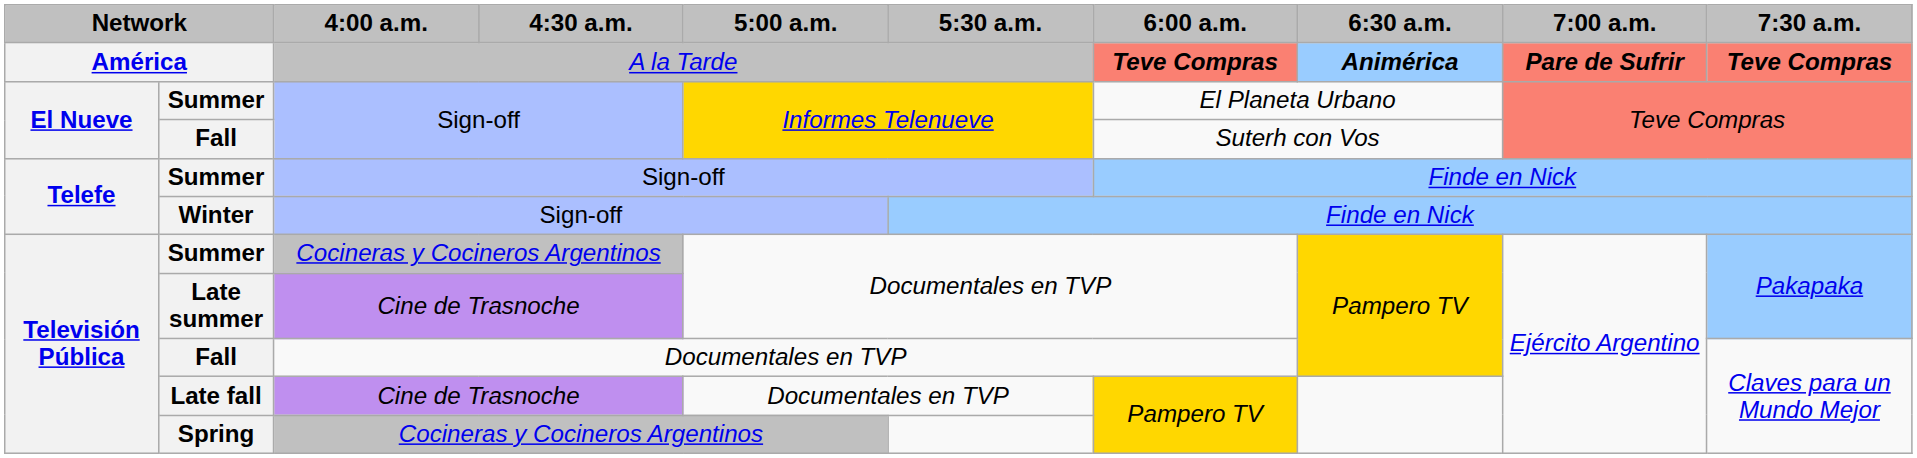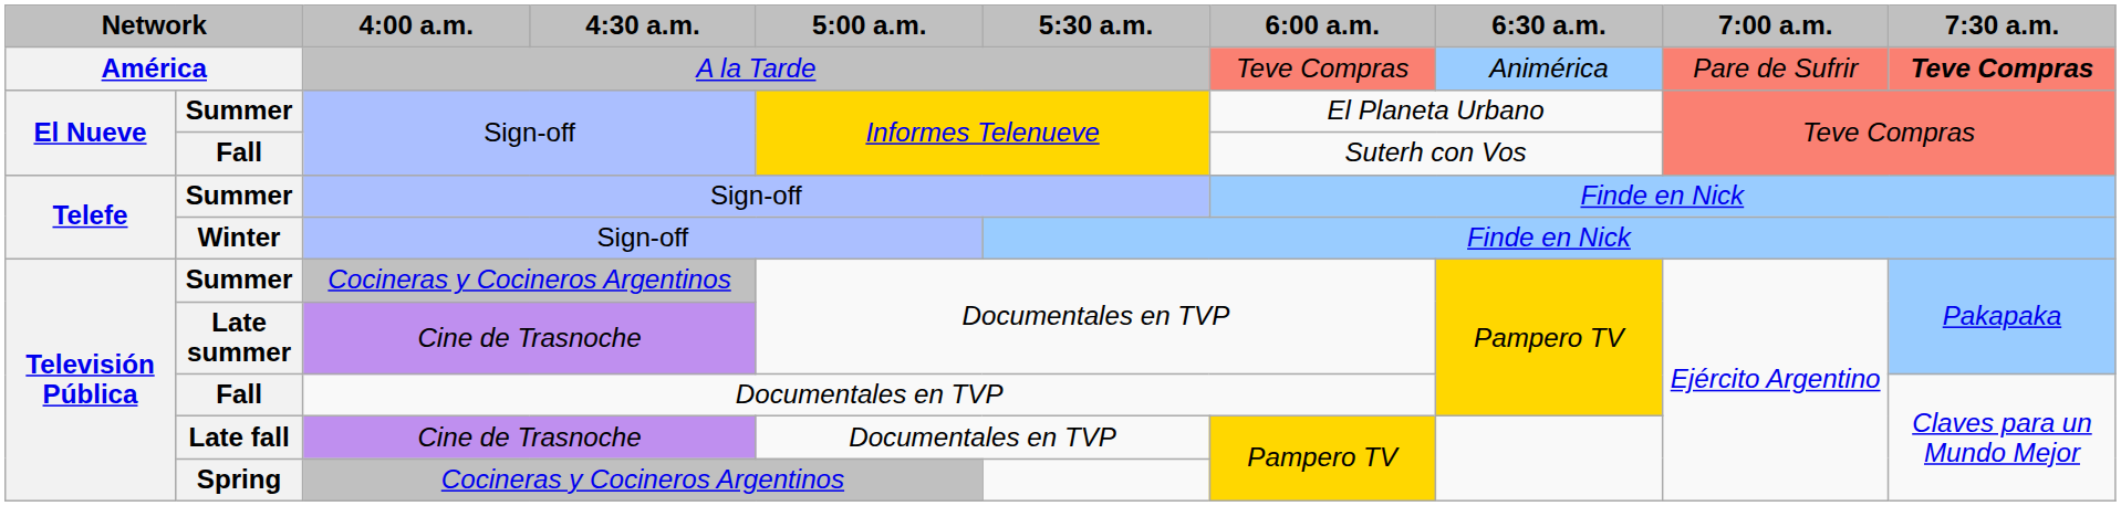 <table class="wikitable" style="width:100%;margin-right:0;text-align:center">
 <tr>
 <th colspan="2" style="background-color:#C0C0C0;width:13%;">Network</th>
 <th style="background-color:#C0C0C0;text-align:center;width:10%;">4:00 a.m.</th>
 <th style="background-color:#C0C0C0;text-align:center;width:10%;">4:30 a.m.</th>
 <th style="background-color:#C0C0C0;text-align:center;width:10%;">5:00 a.m.</th>
 <th style="background-color:#C0C0C0;text-align:center;width:10%;">5:30 a.m.</th>
 <th style="background-color:#C0C0C0;text-align:center;width:10%;">6:00 a.m.</th>
 <th style="background-color:#C0C0C0;text-align:center;width:10%;">6:30 a.m.</th>
 <th style="background-color:#C0C0C0;text-align:center;width:10%;">7:00 a.m.</th>
 <th style="background-color:#C0C0C0;text-align:center;width:10%;">7:30 a.m.</th>
 </tr>
 <tr>
 <th colspan="2"><a href='#'>América</a></th>
 <td style="background:#C0C0C0;" colspan="4"><em><a href='#'>A la Tarde</a></em>  </td>
-<td style="background:#FA8072;"><strong><em>Teve Compras</em></strong></td>
-<td style="background:#99ccff;"><strong><em>Animérica</em></strong></td>
-<td style="background:#FA8072;"><strong><em>Pare de Sufrir</em></strong></td>
+<td style="background:#FA8072;"><em>Teve Compras</em></td>
+<td style="background:#99ccff;"><em>Animérica</em></td>
+<td style="background:#FA8072;"><em>Pare de Sufrir</em></td>
 <td style="background:#FA8072;"><strong><em>Teve Compras</em> </strong></td>
 </tr>
 <tr>
 <th rowspan="2"><a href='#'>El Nueve</a></th>
 <th>Summer</th>
 <td style="background:#abbfff;" colspan="2" rowspan="2">Sign-off</td>
 <td style="background:#ffd700;" colspan="2" rowspan="2"><em><a href='#'>Informes Telenueve</a></em></td>
 <td colspan="2"><em>El Planeta Urbano</em></td>
 <td style="background:#FA8072;" colspan="2" rowspan="2"><em>Teve Compras</em><br></td>
 </tr>
 <tr>
 <th>Fall</th>
 <td colspan="2"><em>Suterh con Vos</em></td>
 </tr>
 <tr>
 <th rowspan="2"><a href='#'>Telefe</a></th>
 <th>Summer</th>
 <td style="background:#abbfff;" colspan="4">Sign-off</td>
 <td style="background:#99ccff;" colspan="4"><em><a href='#'>Finde en Nick</a></em> </td>
 </tr>
 <tr>
 <th>Winter</th>
 <td style="background:#abbfff;" colspan="3">Sign-off</td>
 <td style="background:#99ccff;" colspan="5"><em><a href='#'>Finde en Nick</a></em></td>
 </tr>
 <tr>
 <th rowspan="5"><a href='#'>Televisión Pública</a></th>
 <th>Summer</th>
 <td style="background:#C0C0C0;" colspan="2"><em><a href='#'>Cocineras y Cocineros Argentinos</a></em> </td>
 <td colspan="3" rowspan="2"><em>Documentales en TVP</em></td>
 <td style="background:#ffd700;" rowspan="3"><em>Pampero TV</em></td>
 <td rowspan="5"><em><a href='#'>Ejército Argentino</a></em></td>
 <td style="background:#99ccff;" rowspan="2"><em><a href='#'>Pakapaka</a></em></td>
 </tr>
 <tr>
 <th>Late summer</th>
 <td style="background:#bf8fef;" colspan="2"><em>Cine de Trasnoche</em> </td>
 </tr>
 <tr>
 <th>Fall</th>
 <td colspan="5"><em>Documentales en TVP</em></td>
 <td rowspan="3"><em><a href='#'>Claves para un Mundo Mejor</a></em></td>
 </tr>
 <tr>
 <th>Late fall</th>
 <td style="background:#bf8fef;" colspan="2"><em>Cine de Trasnoche</em> </td>
 <td colspan="2"><em>Documentales en TVP</em></td>
 <td style="background:#ffd700;" rowspan="2"><em>Pampero TV</em></td>
 <td rowspan="2"></td>
 </tr>
 <tr>
 <th>Spring</th>
 <td style="background:#C0C0C0;" colspan="3"><em><a href='#'>Cocineras y Cocineros Argentinos</a></em> <br></td>
 <td></td>
 </tr>
 </table>
